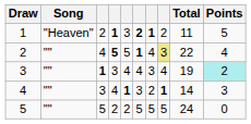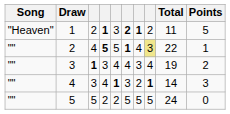 <table class="wikitable collapsible plainrowheaders" style="margin: 1em auto 1em auto; text-align:center;">
 <tr>
+<th>Song</th>
 <th>Draw</th>
-<th>Song</th>
 <th><br><small></small></th>
 <th><br><small></small></th>
 <th><br><small></small></th>
 <th><br><small></small></th>
 <th><br><small></small></th>
 <th><br><small></small></th>
 <th>Total</th>
 <th>Points</th>
 </tr>
 <tr>
+<td align="left">"Heaven"</td>
 <td scope="row" style="text-align:center;">1</td>
-<td align="left">"Heaven"</td>
 <td>2</td>
 <td><strong>1</strong></td>
 <td>3</td>
 <td><strong>2</strong></td>
 <td><strong>1</strong></td>
 <td>2</td>
 <td>11</td>
 <td>5</td>
 </tr>
 <tr>
+<td align="left">""</td>
 <td scope="row" style="text-align:center;">2</td>
-<td align="left">""</td>
 <td>4</td>
 <td><strong>5</strong></td>
 <td>5</td>
 <td><strong>1</strong></td>
 <td>4</td>
 <td style="background: khaki;">3</td>
 <td>22</td>
-<td>4</td>
+<td>1</td>
 </tr>
 <tr>
+<td align="left">""</td>
 <td scope="row" style="text-align:center;">3</td>
-<td align="left">""</td>
 <td><strong>1</strong></td>
 <td>3</td>
 <td>4</td>
 <td>4</td>
 <td>3</td>
 <td>4</td>
 <td>19</td>
-<td style="background: paleturquoise;">2</td>
+<td>2</td>
 </tr>
 <tr>
+<td align="left">""</td>
 <td scope="row" style="text-align:center;">4</td>
-<td align="left">""</td>
 <td>3</td>
 <td>4</td>
 <td><strong>1</strong></td>
 <td>3</td>
 <td>2</td>
 <td><strong>1</strong></td>
 <td>14</td>
 <td>3</td>
 </tr>
 <tr>
+<td align="left">""</td>
 <td scope="row" style="text-align:center;">5</td>
-<td align="left">""</td>
 <td>5</td>
 <td>2</td>
 <td>2</td>
 <td>5</td>
 <td>5</td>
 <td>5</td>
 <td>24</td>
 <td>0</td>
 </tr>
 </table>
